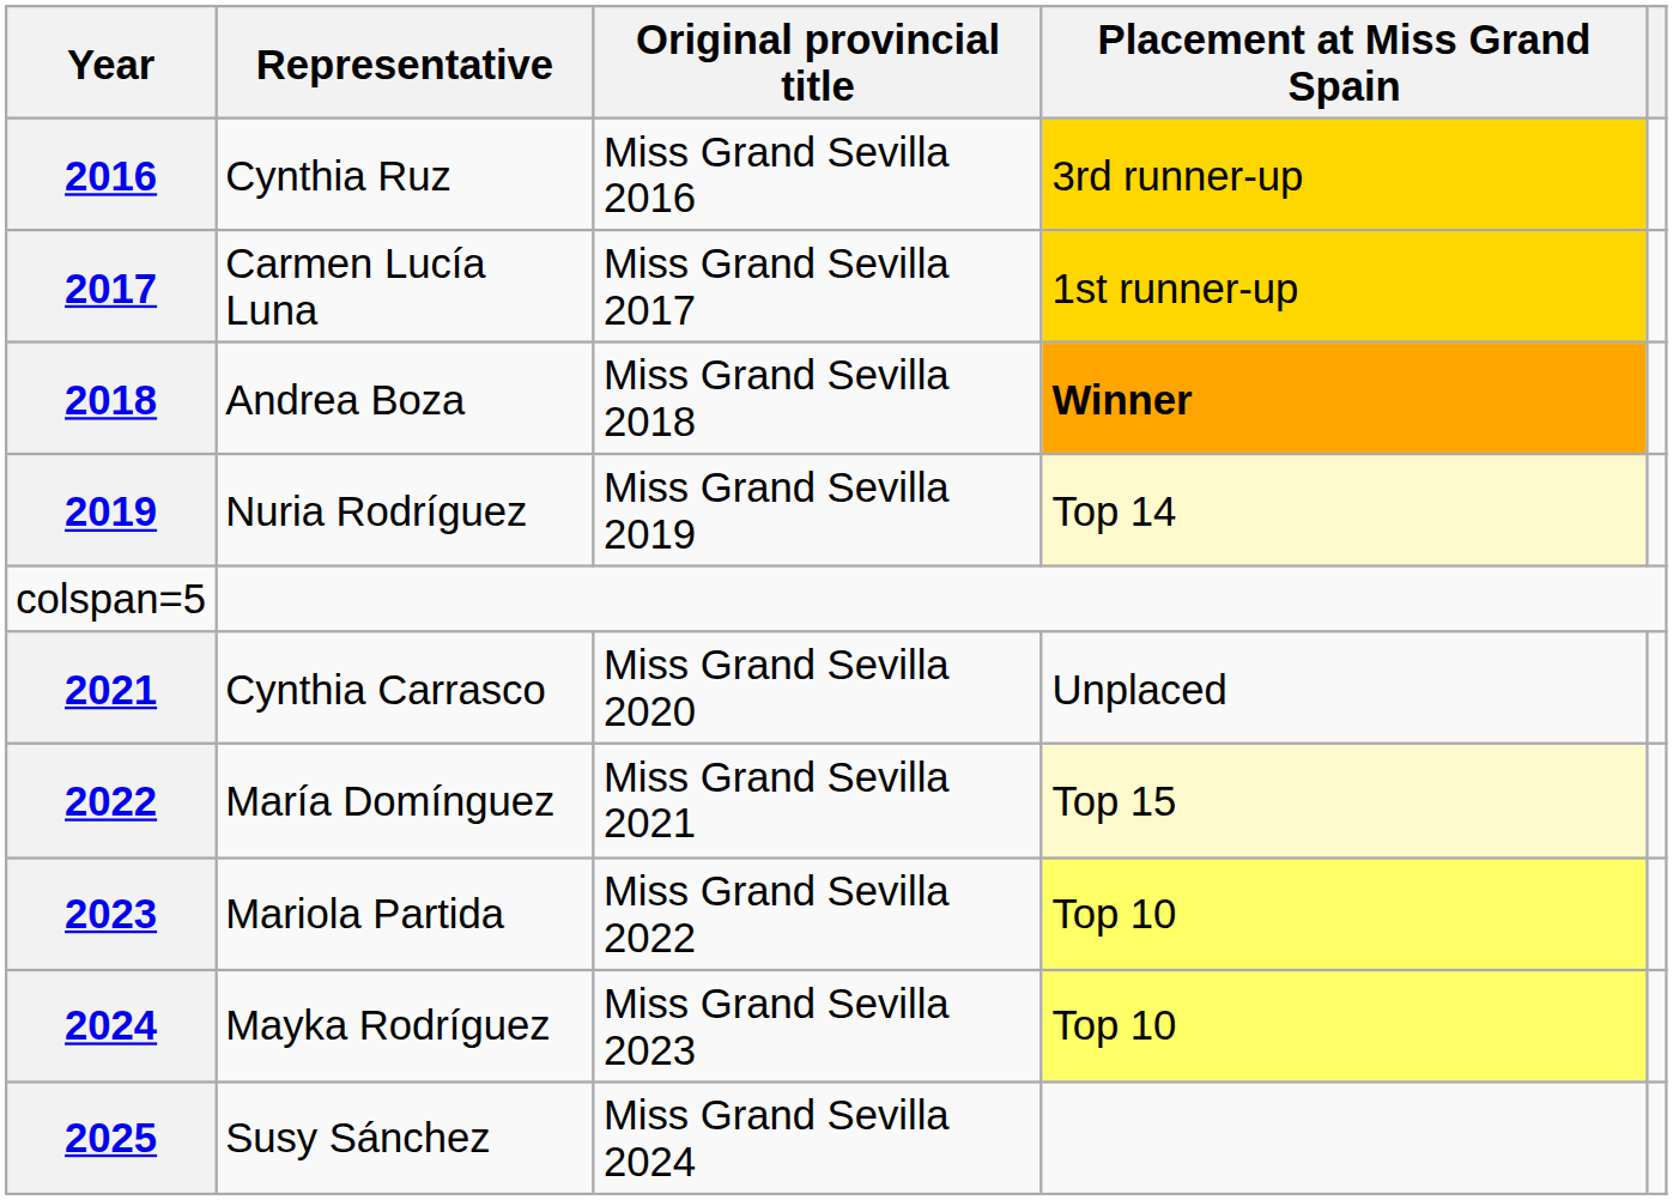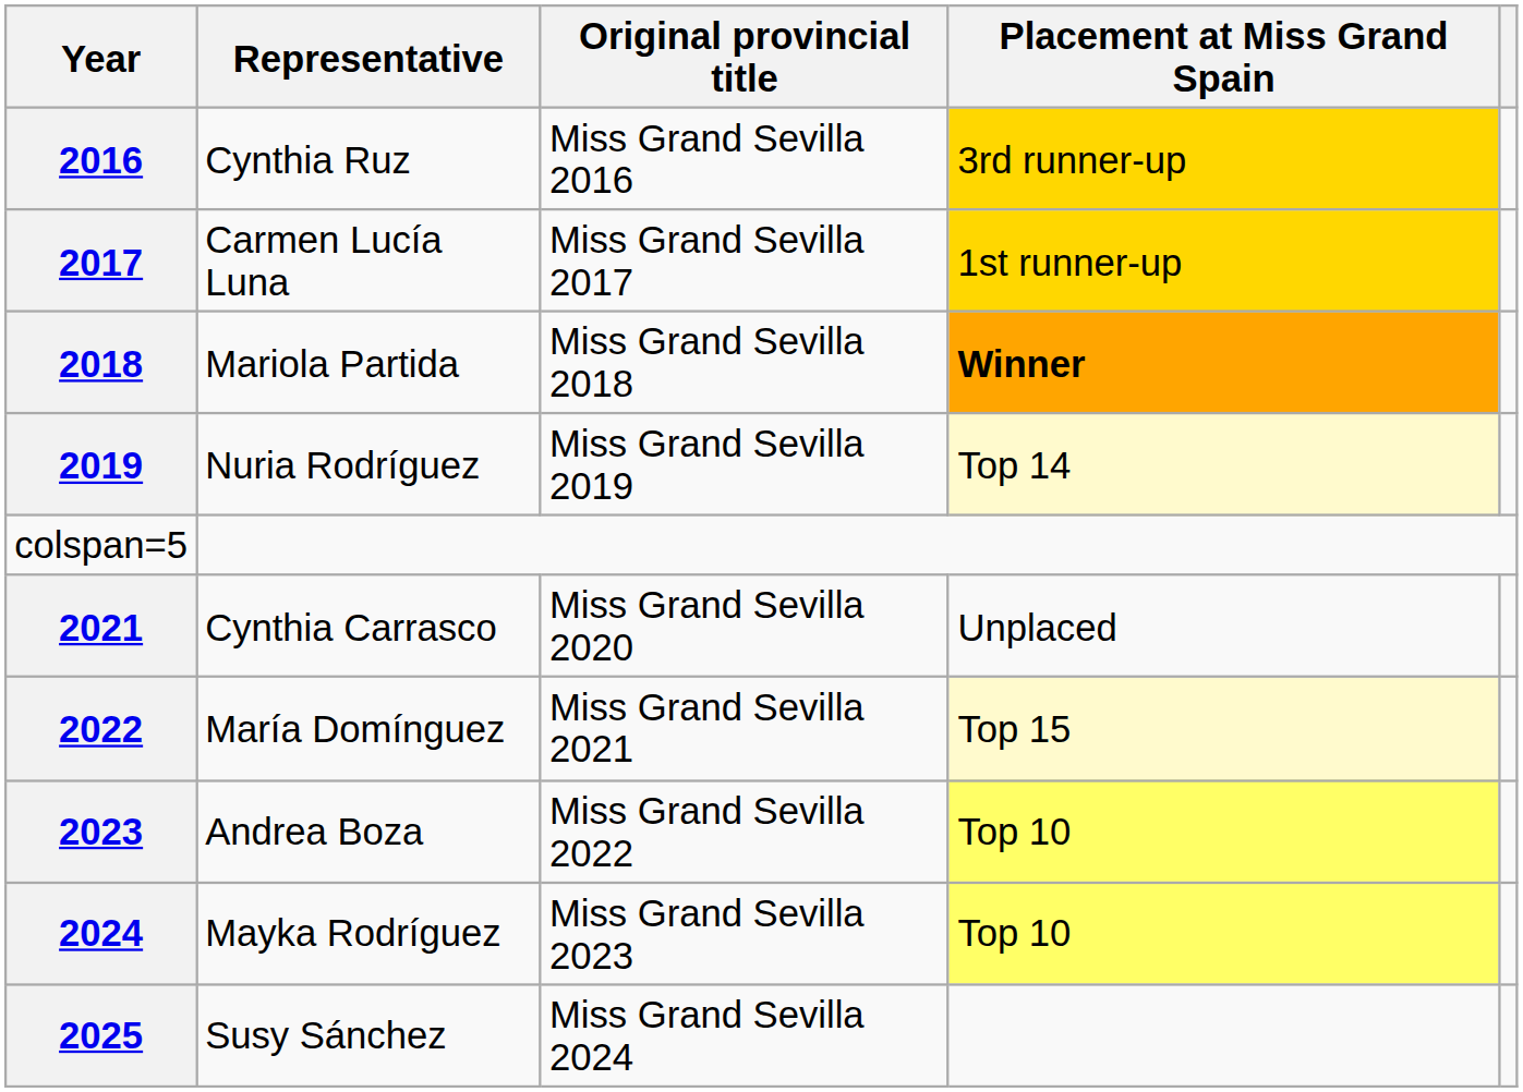 <table class="wikitable defaultcenter col2left" style="font-size:95%;">
 <tr>
 <th>Year</th>
 <th>Representative</th>
 <th>Original provincial title</th>
 <th>Placement at Miss Grand Spain</th>
 <th></th>
 </tr>
 <tr>
 <th><a href='#'>2016</a></th>
 <td>Cynthia Ruz</td>
 <td>Miss Grand Sevilla 2016</td>
 <td bgcolor=gold>3rd runner-up</td>
 <td></td>
 </tr>
 <tr>
 <th><a href='#'>2017</a></th>
 <td>Carmen Lucía Luna</td>
 <td>Miss Grand Sevilla 2017</td>
 <td bgcolor=gold>1st runner-up</td>
 <td></td>
 </tr>
 <tr>
 <th><a href='#'>2018</a></th>
-<td>Andrea Boza</td>
+<td>Mariola Partida</td>
 <td>Miss Grand Sevilla 2018</td>
 <td bgcolor=orange><strong>Winner</strong></td>
 <td></td>
 </tr>
 <tr>
 <th><a href='#'>2019</a></th>
 <td>Nuria Rodríguez</td>
 <td>Miss Grand Sevilla 2019</td>
 <td bgcolor=#FFFACD>Top 14</td>
 <td></td>
 </tr>
 <tr>
 <td>colspan=5 </td>
 </tr>
 <tr>
 <th><a href='#'>2021</a></th>
 <td>Cynthia Carrasco</td>
 <td>Miss Grand Sevilla 2020</td>
 <td>Unplaced</td>
 <td></td>
 </tr>
 <tr>
 <th><a href='#'>2022</a></th>
 <td>María Domínguez</td>
 <td>Miss Grand Sevilla 2021</td>
 <td bgcolor=#FFFACD>Top 15</td>
 <td></td>
 </tr>
 <tr>
 <th><a href='#'>2023</a></th>
-<td>Mariola Partida</td>
+<td>Andrea Boza</td>
 <td>Miss Grand Sevilla 2022</td>
 <td bgcolor=#FFFF66>Top 10</td>
 <td></td>
 </tr>
 <tr>
 <th><a href='#'>2024</a></th>
 <td>Mayka Rodríguez</td>
 <td>Miss Grand Sevilla 2023</td>
 <td bgcolor=#FFFF66>Top 10</td>
 <td></td>
 </tr>
 <tr>
 <th><a href='#'>2025</a></th>
 <td>Susy Sánchez</td>
 <td>Miss Grand Sevilla 2024</td>
 <td></td>
 <td></td>
 </tr>
 </table>
